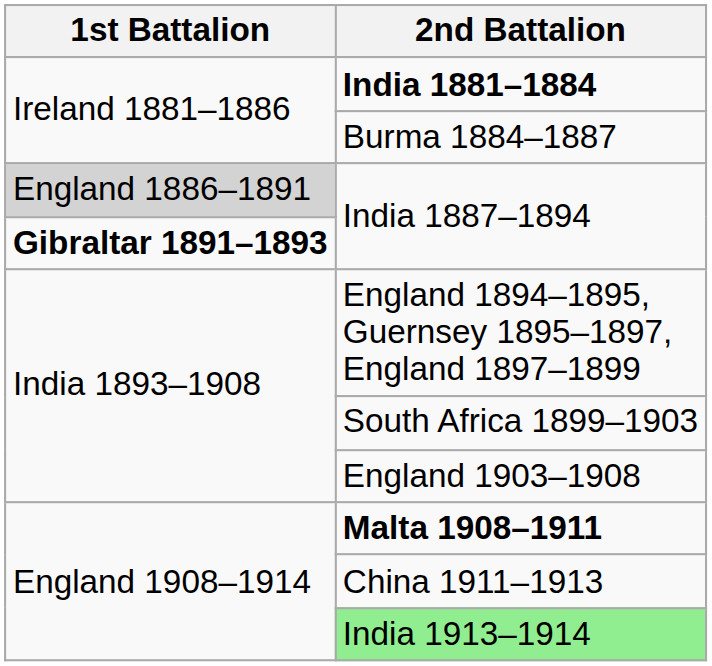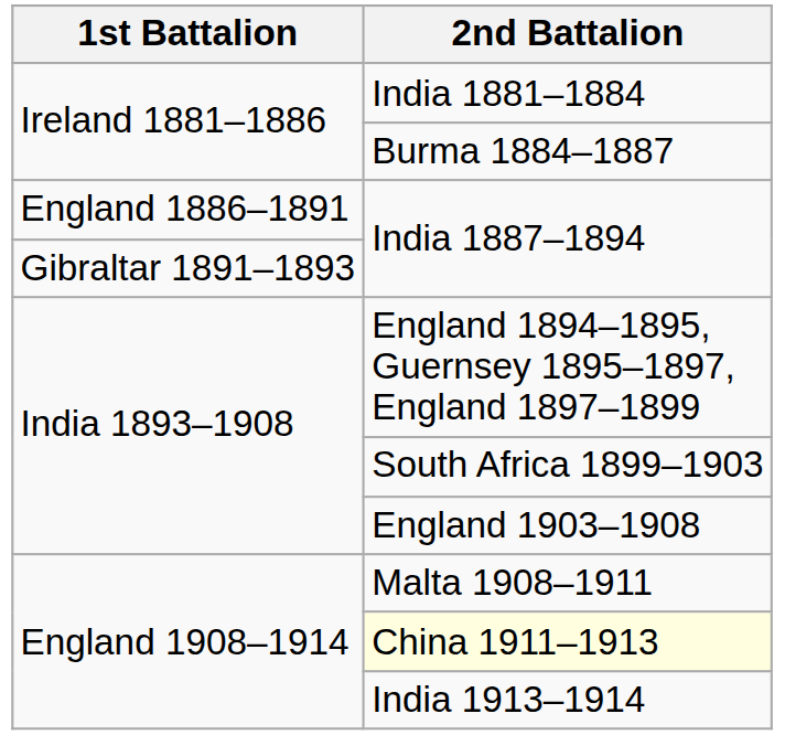 <table class="wikitable" style="margin:1em auto;">
 <tr>
 <th>1st Battalion</th>
 <th>2nd Battalion</th>
 </tr>
 <tr>
 <td rowspan=2>Ireland 1881–1886</td>
-<td><strong>India 1881–1884</strong></td>
+<td>India 1881–1884</td>
 </tr>
 <tr>
 <td>Burma 1884–1887</td>
 </tr>
 <tr>
-<td style="background: lightgrey;">England 1886–1891</td>
+<td>England 1886–1891</td>
 <td rowspan=2>India 1887–1894</td>
 </tr>
 <tr>
-<td><strong>Gibraltar 1891–1893</strong></td>
+<td>Gibraltar 1891–1893</td>
 </tr>
 <tr>
 <td rowspan=3>India 1893–1908</td>
 <td>England 1894–1895,<br>Guernsey 1895–1897,<br>England 1897–1899</td>
 </tr>
 <tr>
 <td>South Africa 1899–1903</td>
 </tr>
 <tr>
 <td>England 1903–1908</td>
 </tr>
 <tr>
 <td rowspan=3>England 1908–1914</td>
-<td><strong>Malta 1908–1911</strong></td>
+<td>Malta 1908–1911</td>
 </tr>
 <tr>
-<td>China 1911–1913</td>
+<td style="background: lightyellow;">China 1911–1913</td>
 </tr>
 <tr>
-<td style="background: lightgreen;">India 1913–1914</td>
+<td>India 1913–1914</td>
 </tr>
 </table>
